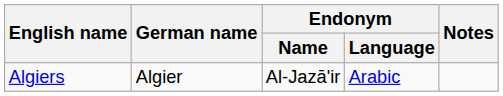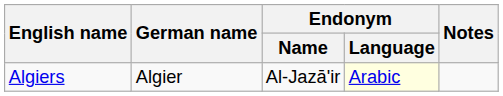 <table class="wikitable sortable mw-collapsible">
 <tr>
 <th rowspan="2">English name</th>
 <th rowspan="2">German name</th>
 <th colspan="2">Endonym</th>
 <th rowspan="2">Notes</th>
 </tr>
 <tr>
 <th>Name</th>
 <th>Language</th>
 </tr>
 <tr>
 <td><a href='#'>Algiers</a></td>
 <td>Algier</td>
 <td>Al-Jazā'ir</td>
-<td><a href='#'>Arabic</a></td>
+<td style="background: lightyellow;"><a href='#'>Arabic</a></td>
 <td></td>
 </tr>
 </table>
